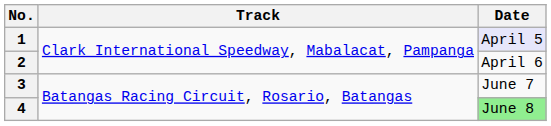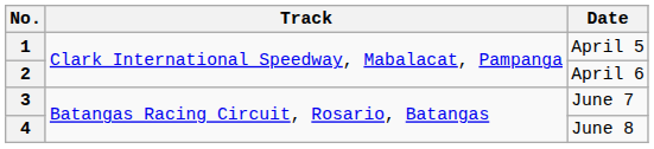 <table class="wikitable" style="font-size:85%;">
 <tr>
 <th>No.</th>
 <th>Track</th>
 <th>Date</th>
 </tr>
 <tr>
 <th>1</th>
 <td rowspan=2><a href='#'>Clark International Speedway</a>, <a href='#'>Mabalacat</a>, <a href='#'>Pampanga</a></td>
-<td style="background: lavender;">April 5</td>
+<td>April 5</td>
 </tr>
 <tr>
 <th>2</th>
 <td>April 6</td>
 </tr>
 <tr>
 <th>3</th>
 <td rowspan=2><a href='#'>Batangas Racing Circuit</a>, <a href='#'>Rosario</a>, <a href='#'>Batangas</a></td>
 <td>June 7</td>
 </tr>
 <tr>
 <th>4</th>
-<td style="background: lightgreen;">June 8</td>
+<td>June 8</td>
 </tr>
 </table>
